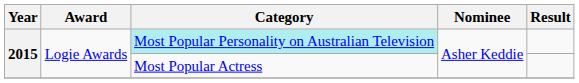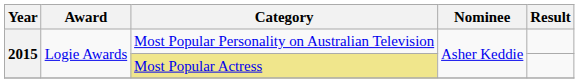 <table class="wikitable plainrowheaders" style="font-size: 95%;">
 <tr>
 <th scope="col">Year</th>
 <th scope="col">Award</th>
 <th scope="col">Category</th>
 <th scope="col">Nominee</th>
 <th scope="col">Result</th>
 </tr>
 <tr>
 <th scope="row" rowspan="2">2015</th>
 <td rowspan="2"><a href='#'>Logie Awards</a></td>
-<td style="background: paleturquoise;"><a href='#'>Most Popular Personality on Australian Television</a></td>
+<td><a href='#'>Most Popular Personality on Australian Television</a></td>
 <td rowspan="2"><a href='#'>Asher Keddie</a></td>
 <td></td>
 </tr>
 <tr>
-<td><a href='#'>Most Popular Actress</a></td>
+<td style="background: khaki;"><a href='#'>Most Popular Actress</a></td>
 <td></td>
 </tr>
 <tr>
 </tr>
 </table>
